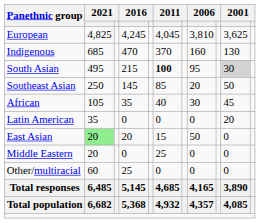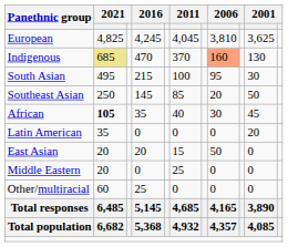 <table class="wikitable collapsible sortable">
 <tr>
 <th rowspan="2"><a href='#'>Panethnic</a> group</th>
 <th colspan="2">2021</th>
 <th colspan="2">2016</th>
 <th colspan="2">2011</th>
 <th colspan="2">2006</th>
 <th colspan="2">2001</th>
 </tr>
 <tr>
 <th><a href='#'></a></th>
 <th></th>
 <th></th>
 <th></th>
 <th></th>
 <th></th>
 <th></th>
 <th></th>
 <th></th>
 <th></th>
 </tr>
 <tr>
 <td><a href='#'>European</a></td>
 <td>4,825</td>
 <td></td>
 <td>4,245</td>
 <td></td>
 <td>4,045</td>
 <td></td>
 <td>3,810</td>
 <td></td>
 <td>3,625</td>
 <td></td>
 </tr>
 <tr>
 <td><a href='#'>Indigenous</a></td>
-<td>685</td>
+<td style="background: khaki;">685</td>
 <td></td>
 <td>470</td>
 <td></td>
 <td>370</td>
 <td></td>
-<td>160</td>
+<td style="background: lightsalmon;">160</td>
 <td></td>
 <td>130</td>
 <td></td>
 </tr>
 <tr>
 <td><a href='#'>South Asian</a></td>
 <td>495</td>
 <td></td>
 <td>215</td>
 <td></td>
-<td><strong>100</strong></td>
+<td>100</td>
 <td></td>
 <td>95</td>
 <td></td>
-<td style="background: lightgrey;">30</td>
+<td>30</td>
 <td></td>
 </tr>
 <tr>
 <td><a href='#'>Southeast Asian</a></td>
 <td>250</td>
 <td></td>
 <td>145</td>
 <td></td>
 <td>85</td>
 <td></td>
 <td>20</td>
 <td></td>
 <td>50</td>
 <td></td>
 </tr>
 <tr>
 <td><a href='#'>African</a></td>
-<td>105</td>
+<td><strong>105</strong></td>
 <td></td>
 <td>35</td>
 <td></td>
 <td>40</td>
 <td></td>
 <td>30</td>
 <td></td>
 <td>45</td>
 <td></td>
 </tr>
 <tr>
 <td><a href='#'>Latin American</a></td>
 <td>35</td>
 <td></td>
 <td>0</td>
 <td></td>
 <td>0</td>
 <td></td>
 <td>0</td>
 <td></td>
 <td>20</td>
 <td></td>
 </tr>
 <tr>
 <td><a href='#'>East Asian</a></td>
-<td style="background: lightgreen;">20</td>
+<td>20</td>
 <td></td>
 <td>20</td>
 <td></td>
 <td>15</td>
 <td></td>
 <td>50</td>
 <td></td>
 <td>0</td>
 <td></td>
 </tr>
 <tr>
 <td><a href='#'>Middle Eastern</a></td>
 <td>20</td>
 <td></td>
 <td>0</td>
 <td></td>
 <td>25</td>
 <td></td>
 <td>0</td>
 <td></td>
 <td>0</td>
 <td></td>
 </tr>
 <tr>
 <td>Other/<a href='#'>multiracial</a></td>
 <td>60</td>
 <td></td>
 <td>25</td>
 <td></td>
 <td>0</td>
 <td></td>
 <td>0</td>
 <td></td>
 <td>0</td>
 <td></td>
 </tr>
 <tr>
 <th>Total responses</th>
 <th>6,485</th>
 <th></th>
 <th>5,145</th>
 <th></th>
 <th>4,685</th>
 <th></th>
 <th>4,165</th>
 <th></th>
 <th>3,890</th>
 <th></th>
 </tr>
 <tr class="sortbottom">
 <th>Total population</th>
 <th>6,682</th>
 <th></th>
 <th>5,368</th>
 <th></th>
 <th>4,932</th>
 <th></th>
 <th>4,357</th>
 <th></th>
 <th>4,085</th>
 <th></th>
 </tr>
 <tr class="sortbottom">
 <td colspan="11"></td>
 </tr>
 </table>
